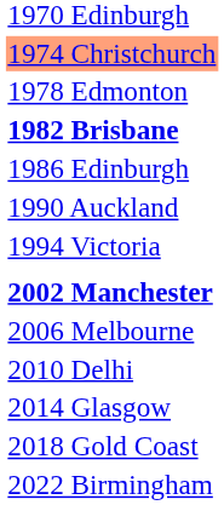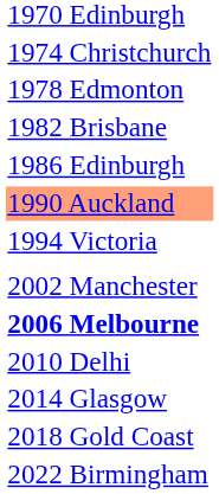 <table>
 <tr>
 <td><a href='#'>1970 Edinburgh</a></td>
 <td></td>
 <td></td>
 <td></td>
 </tr>
 <tr>
-<td style="background: lightsalmon;"><a href='#'>1974 Christchurch</a></td>
+<td><a href='#'>1974 Christchurch</a></td>
 <td></td>
 <td></td>
 <td></td>
 </tr>
 <tr>
 <td><a href='#'>1978 Edmonton</a></td>
 <td></td>
 <td></td>
 <td></td>
 </tr>
 <tr>
-<td><strong><a href='#'>1982 Brisbane</a></strong></td>
+<td><a href='#'>1982 Brisbane</a></td>
 <td></td>
 <td></td>
 <td></td>
 </tr>
 <tr>
 <td><a href='#'>1986 Edinburgh</a></td>
 <td></td>
 <td></td>
 <td></td>
 </tr>
 <tr>
-<td><a href='#'>1990 Auckland</a></td>
+<td style="background: lightsalmon;"><a href='#'>1990 Auckland</a></td>
 <td></td>
 <td></td>
 <td></td>
 </tr>
 <tr>
 <td><a href='#'>1994 Victoria</a></td>
 <td></td>
 <td></td>
 <td></td>
 </tr>
 <tr>
 <td></td>
 <td></td>
 <td></td>
 <td></td>
 </tr>
 <tr>
-<td><strong><a href='#'>2002 Manchester</a><br></strong></td>
+<td><a href='#'>2002 Manchester</a><br></td>
 <td></td>
 <td></td>
 <td></td>
 </tr>
 <tr>
-<td><a href='#'>2006 Melbourne</a><br></td>
+<td><strong><a href='#'>2006 Melbourne</a><br></strong></td>
 <td></td>
 <td></td>
 <td></td>
 </tr>
 <tr>
 <td><a href='#'>2010 Delhi</a><br></td>
 <td></td>
 <td></td>
 <td></td>
 </tr>
 <tr>
 <td rowspan=2><a href='#'>2014 Glasgow</a><br></td>
 <td rowspan=2></td>
 <td rowspan=2></td>
 <td></td>
 </tr>
 <tr>
 <td></td>
 </tr>
 <tr>
 <td><a href='#'>2018 Gold Coast</a><br></td>
 <td></td>
 <td></td>
 <td></td>
 </tr>
 <tr>
 <td><a href='#'>2022 Birmingham</a><br></td>
 <td></td>
 <td></td>
 <td></td>
 </tr>
 </table>
